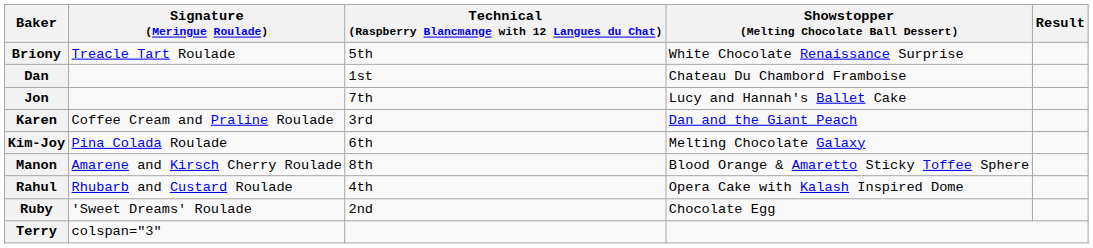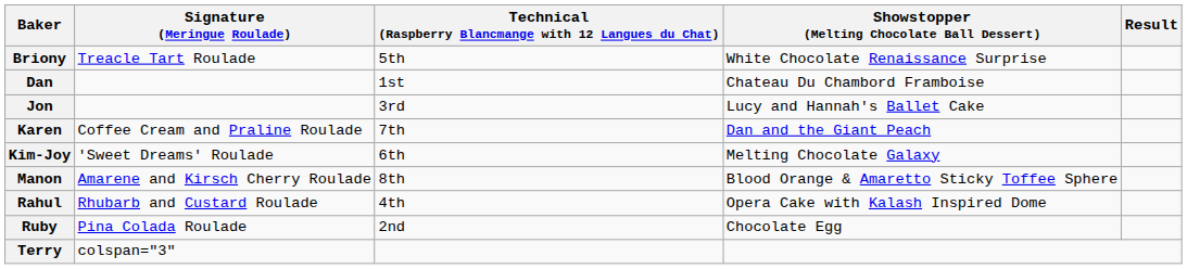 <table class="wikitable sortable col3center sticky-header">
 <tr>
 <th scope="col">Baker</th>
 <th scope="col" class="unsortable">Signature<br><small>(<a href='#'>Meringue</a> <a href='#'>Roulade</a>)</small></th>
 <th scope="col">Technical<br><small>(Raspberry <a href='#'>Blancmange</a> with 12 <a href='#'>Langues du Chat</a>)</small></th>
 <th scope="col" class="unsortable">Showstopper<br><small>(Melting Chocolate Ball Dessert)</small></th>
 <th scope="col">Result</th>
 </tr>
 <tr>
 <th scope="row">Briony</th>
 <td><a href='#'>Treacle Tart</a> Roulade</td>
 <td>5th</td>
 <td>White Chocolate <a href='#'>Renaissance</a> Surprise</td>
 <td></td>
 </tr>
 <tr>
 <th scope="row">Dan</th>
 <td></td>
 <td>1st</td>
 <td>Chateau Du Chambord Framboise</td>
 <td></td>
 </tr>
 <tr>
 <th scope="row">Jon</th>
 <td></td>
-<td>7th</td>
+<td>3rd</td>
 <td>Lucy and Hannah's <a href='#'>Ballet</a> Cake</td>
 <td></td>
 </tr>
 <tr>
 <th scope="row">Karen</th>
 <td>Coffee Cream and <a href='#'>Praline</a> Roulade</td>
-<td>3rd</td>
+<td>7th</td>
 <td><a href='#'>Dan and the Giant Peach</a></td>
 <td></td>
 </tr>
 <tr>
 <th scope="row">Kim-Joy</th>
-<td><a href='#'>Pina Colada</a> Roulade</td>
+<td>'Sweet Dreams' Roulade</td>
 <td>6th</td>
 <td>Melting Chocolate <a href='#'>Galaxy</a></td>
 <td></td>
 </tr>
 <tr>
 <th scope="row">Manon</th>
 <td><a href='#'>Amarene</a> and <a href='#'>Kirsch</a> Cherry Roulade</td>
 <td>8th</td>
 <td>Blood Orange & <a href='#'>Amaretto</a> Sticky <a href='#'>Toffee</a> Sphere</td>
 <td></td>
 </tr>
 <tr>
 <th scope="row">Rahul</th>
 <td><a href='#'>Rhubarb</a> and <a href='#'>Custard</a> Roulade</td>
 <td>4th</td>
 <td>Opera Cake with <a href='#'>Kalash</a> Inspired Dome</td>
 <td></td>
 </tr>
 <tr>
 <th scope="row">Ruby</th>
-<td>'Sweet Dreams' Roulade</td>
+<td><a href='#'>Pina Colada</a> Roulade</td>
 <td>2nd</td>
 <td>Chocolate Egg</td>
 <td></td>
 </tr>
 <tr>
 <th scope="row">Terry</th>
 <td>colspan="3" </td>
 <td></td>
 </tr>
 </table>
